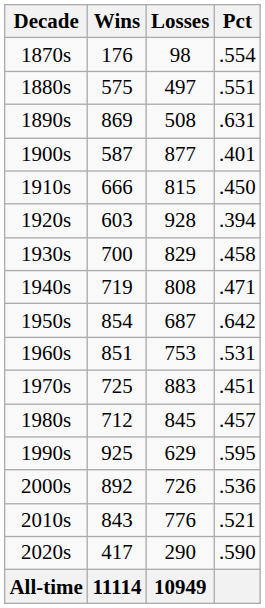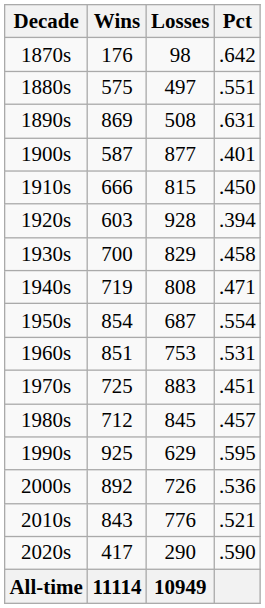 <table class="wikitable" style="text-align:center">
 <tr>
 <th style="text-align:center; ">Decade</th>
 <th style="text-align:center; ">Wins</th>
 <th style="text-align:center; ">Losses</th>
 <th style="text-align:center; ">Pct</th>
 </tr>
 <tr>
 <td>1870s</td>
 <td>176</td>
 <td>98</td>
-<td>.554</td>
+<td>.642</td>
 </tr>
 <tr>
 <td>1880s</td>
 <td>575</td>
 <td>497</td>
 <td>.551</td>
 </tr>
 <tr>
 <td>1890s</td>
 <td>869</td>
 <td>508</td>
 <td>.631</td>
 </tr>
 <tr>
 <td>1900s</td>
 <td>587</td>
 <td>877</td>
 <td>.401</td>
 </tr>
 <tr>
 <td>1910s</td>
 <td>666</td>
 <td>815</td>
 <td>.450</td>
 </tr>
 <tr>
 <td>1920s</td>
 <td>603</td>
 <td>928</td>
 <td>.394</td>
 </tr>
 <tr>
 <td>1930s</td>
 <td>700</td>
 <td>829</td>
 <td>.458</td>
 </tr>
 <tr>
 <td>1940s</td>
 <td>719</td>
 <td>808</td>
 <td>.471</td>
 </tr>
 <tr>
 <td>1950s</td>
 <td>854</td>
 <td>687</td>
-<td>.642</td>
+<td>.554</td>
 </tr>
 <tr>
 <td>1960s</td>
 <td>851</td>
 <td>753</td>
 <td>.531</td>
 </tr>
 <tr>
 <td>1970s</td>
 <td>725</td>
 <td>883</td>
 <td>.451</td>
 </tr>
 <tr>
 <td>1980s</td>
 <td>712</td>
 <td>845</td>
 <td>.457</td>
 </tr>
 <tr>
 <td>1990s</td>
 <td>925</td>
 <td>629</td>
 <td>.595</td>
 </tr>
 <tr>
 <td>2000s</td>
 <td>892</td>
 <td>726</td>
 <td>.536</td>
 </tr>
 <tr>
 <td>2010s</td>
 <td>843</td>
 <td>776</td>
 <td>.521</td>
 </tr>
 <tr>
 <td>2020s</td>
 <td>417</td>
 <td>290</td>
 <td>.590</td>
 </tr>
 <tr style="background:#f0f0f0; font-weight:bold">
 <th style="text-align:center; ">All-time</th>
 <th style="text-align:center; ">11114</th>
 <th style="text-align:center; ">10949</th>
 <th style="text-align:center; "></th>
 </tr>
 </table>
